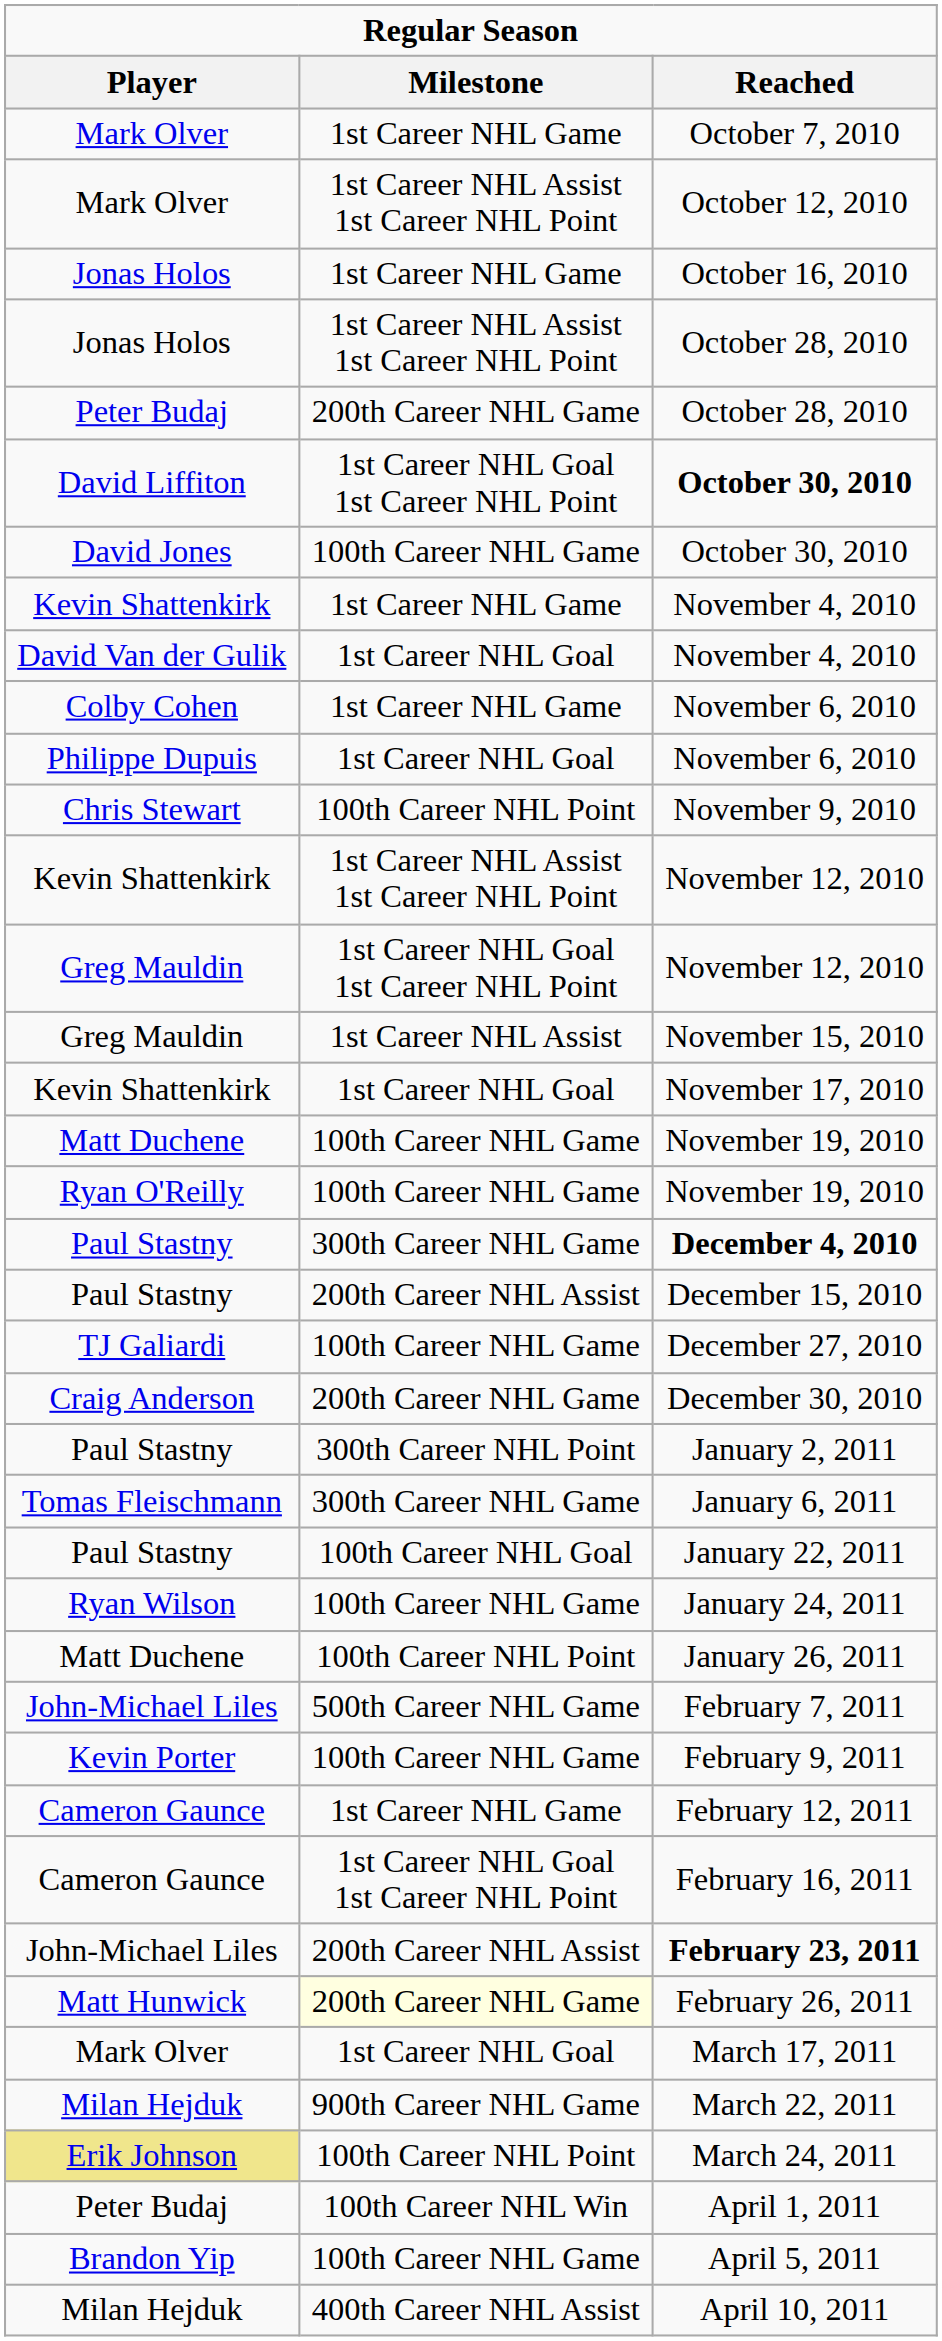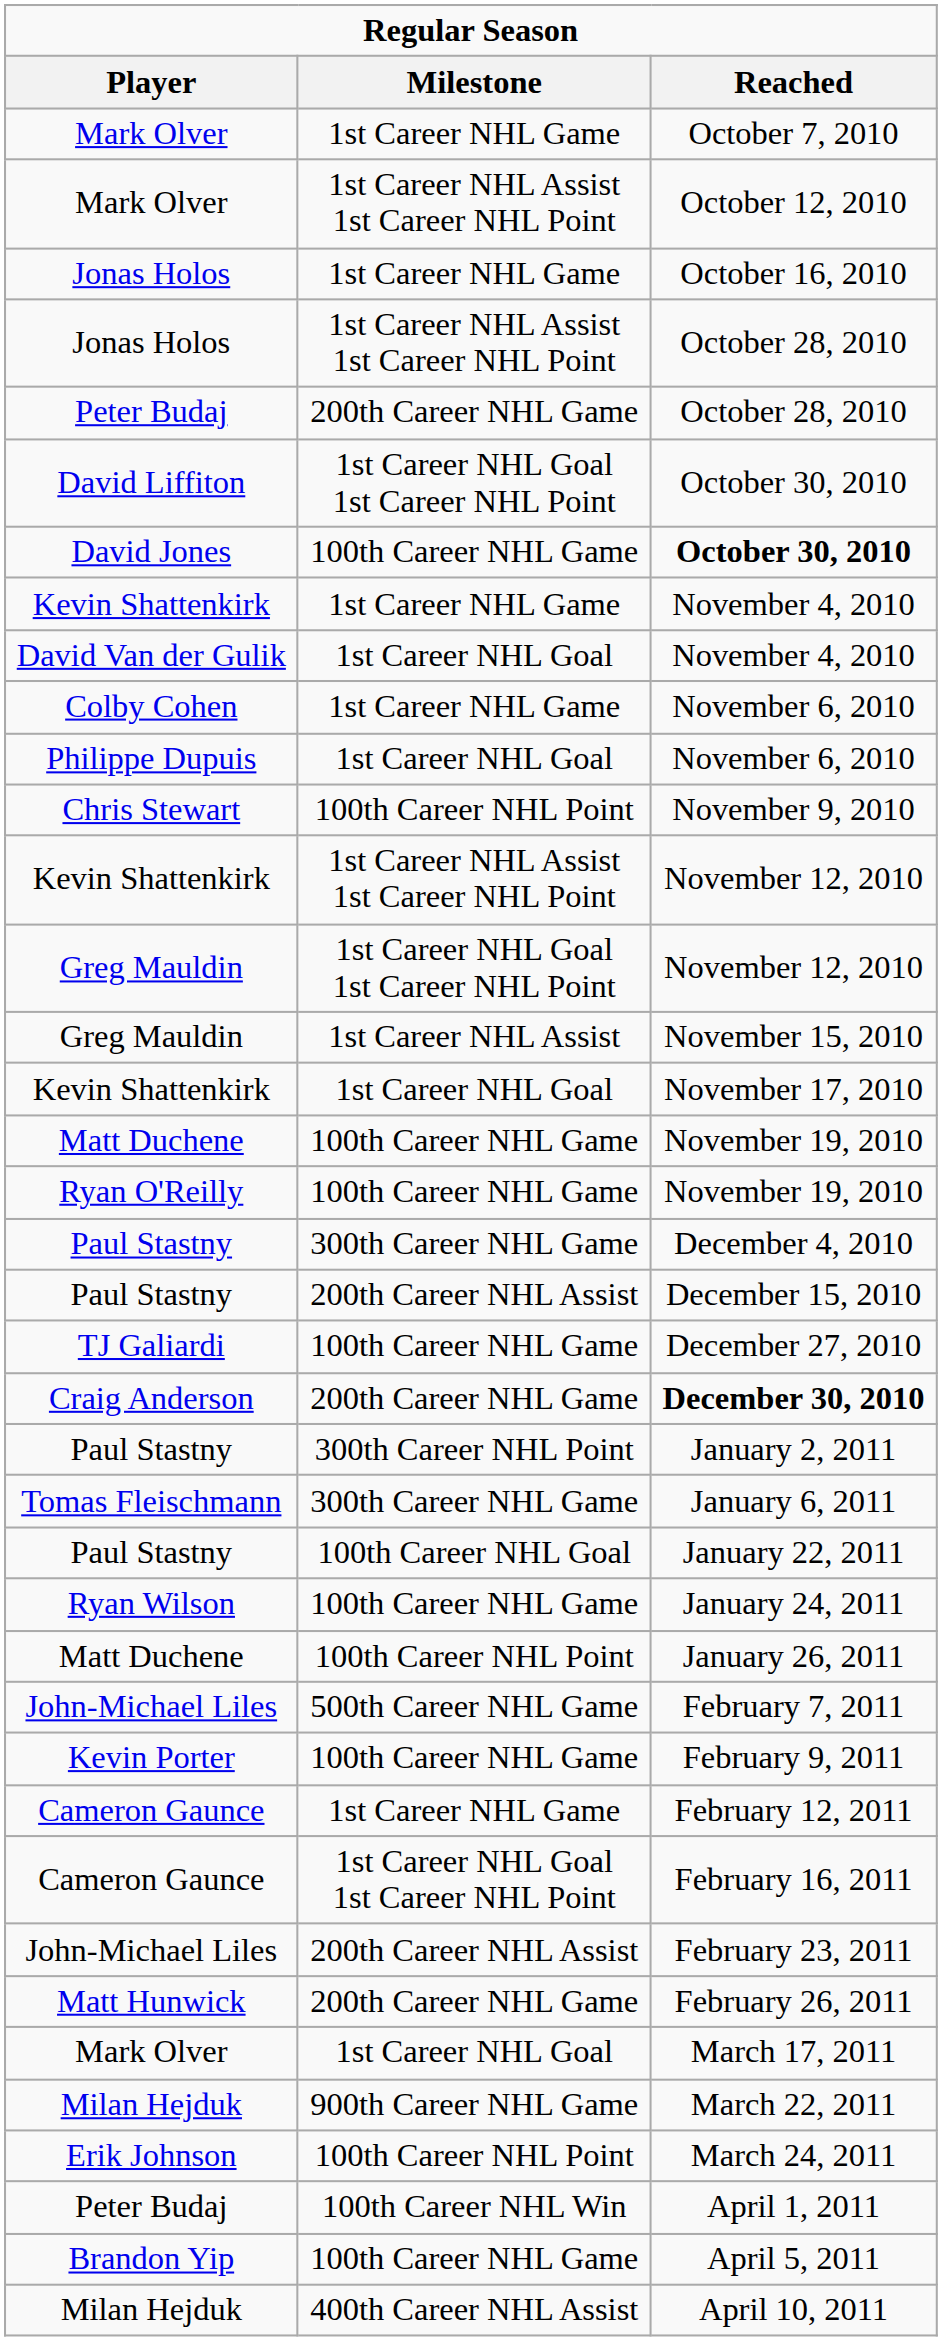 <table class="wikitable" width="52%" style="text-align:center">
 <tr>
 <td colspan="10" align="center"><strong>Regular Season</strong></td>
 </tr>
 <tr align="center" bgcolor="#dddddd">
 <th>Player</th>
 <th>Milestone</th>
 <th>Reached</th>
 </tr>
 <tr>
 <td><a href='#'>Mark Olver</a></td>
 <td>1st Career NHL Game</td>
 <td>October 7, 2010</td>
 </tr>
 <tr>
 <td>Mark Olver</td>
 <td>1st Career NHL Assist<br>1st Career NHL Point</td>
 <td>October 12, 2010</td>
 </tr>
 <tr>
 <td><a href='#'>Jonas Holos</a></td>
 <td>1st Career NHL Game</td>
 <td>October 16, 2010</td>
 </tr>
 <tr>
 <td>Jonas Holos</td>
 <td>1st Career NHL Assist<br>1st Career NHL Point</td>
 <td>October 28, 2010</td>
 </tr>
 <tr>
 <td><a href='#'>Peter Budaj</a></td>
 <td>200th Career NHL Game</td>
 <td>October 28, 2010</td>
 </tr>
 <tr>
 <td><a href='#'>David Liffiton</a></td>
 <td>1st Career NHL Goal<br>1st Career NHL Point</td>
-<td><strong>October 30, 2010</strong></td>
+<td>October 30, 2010</td>
 </tr>
 <tr>
 <td><a href='#'>David Jones</a></td>
 <td>100th Career NHL Game</td>
-<td>October 30, 2010</td>
+<td><strong>October 30, 2010</strong></td>
 </tr>
 <tr>
 <td><a href='#'>Kevin Shattenkirk</a></td>
 <td>1st Career NHL Game</td>
 <td>November 4, 2010</td>
 </tr>
 <tr>
 <td><a href='#'>David Van der Gulik</a></td>
 <td>1st Career NHL Goal</td>
 <td>November 4, 2010</td>
 </tr>
 <tr>
 <td><a href='#'>Colby Cohen</a></td>
 <td>1st Career NHL Game</td>
 <td>November 6, 2010</td>
 </tr>
 <tr>
 <td><a href='#'>Philippe Dupuis</a></td>
 <td>1st Career NHL Goal</td>
 <td>November 6, 2010</td>
 </tr>
 <tr>
 <td><a href='#'>Chris Stewart</a></td>
 <td>100th Career NHL Point</td>
 <td>November 9, 2010</td>
 </tr>
 <tr>
 <td>Kevin Shattenkirk</td>
 <td>1st Career NHL Assist<br>1st Career NHL Point</td>
 <td>November 12, 2010</td>
 </tr>
 <tr>
 <td><a href='#'>Greg Mauldin</a></td>
 <td>1st Career NHL Goal<br>1st Career NHL Point</td>
 <td>November 12, 2010</td>
 </tr>
 <tr>
 <td>Greg Mauldin</td>
 <td>1st Career NHL Assist</td>
 <td>November 15, 2010</td>
 </tr>
 <tr>
 <td>Kevin Shattenkirk</td>
 <td>1st Career NHL Goal</td>
 <td>November 17, 2010</td>
 </tr>
 <tr>
 <td><a href='#'>Matt Duchene</a></td>
 <td>100th Career NHL Game</td>
 <td>November 19, 2010</td>
 </tr>
 <tr>
 <td><a href='#'>Ryan O'Reilly</a></td>
 <td>100th Career NHL Game</td>
 <td>November 19, 2010</td>
 </tr>
 <tr>
 <td><a href='#'>Paul Stastny</a></td>
 <td>300th Career NHL Game</td>
-<td><strong>December 4, 2010</strong></td>
+<td>December 4, 2010</td>
 </tr>
 <tr>
 <td>Paul Stastny</td>
 <td>200th Career NHL Assist</td>
 <td>December 15, 2010</td>
 </tr>
 <tr>
 <td><a href='#'>TJ Galiardi</a></td>
 <td>100th Career NHL Game</td>
 <td>December 27, 2010</td>
 </tr>
 <tr>
 <td><a href='#'>Craig Anderson</a></td>
 <td>200th Career NHL Game</td>
-<td>December 30, 2010</td>
+<td><strong>December 30, 2010</strong></td>
 </tr>
 <tr>
 <td>Paul Stastny</td>
 <td>300th Career NHL Point</td>
 <td>January 2, 2011</td>
 </tr>
 <tr>
 <td><a href='#'>Tomas Fleischmann</a></td>
 <td>300th Career NHL Game</td>
 <td>January 6, 2011</td>
 </tr>
 <tr>
 <td>Paul Stastny</td>
 <td>100th Career NHL Goal</td>
 <td>January 22, 2011</td>
 </tr>
 <tr>
 <td><a href='#'>Ryan Wilson</a></td>
 <td>100th Career NHL Game</td>
 <td>January 24, 2011</td>
 </tr>
 <tr>
 <td>Matt Duchene</td>
 <td>100th Career NHL Point</td>
 <td>January 26, 2011</td>
 </tr>
 <tr>
 <td><a href='#'>John-Michael Liles</a></td>
 <td>500th Career NHL Game</td>
 <td>February 7, 2011</td>
 </tr>
 <tr>
 <td><a href='#'>Kevin Porter</a></td>
 <td>100th Career NHL Game</td>
 <td>February 9, 2011</td>
 </tr>
 <tr>
 <td><a href='#'>Cameron Gaunce</a></td>
 <td>1st Career NHL Game</td>
 <td>February 12, 2011</td>
 </tr>
 <tr>
 <td>Cameron Gaunce</td>
 <td>1st Career NHL Goal<br>1st Career NHL Point</td>
 <td>February 16, 2011</td>
 </tr>
 <tr>
 <td>John-Michael Liles</td>
 <td>200th Career NHL Assist</td>
-<td><strong>February 23, 2011</strong></td>
+<td>February 23, 2011</td>
 </tr>
 <tr>
 <td><a href='#'>Matt Hunwick</a></td>
-<td style="background: lightyellow;">200th Career NHL Game</td>
+<td>200th Career NHL Game</td>
 <td>February 26, 2011</td>
 </tr>
 <tr>
 <td>Mark Olver</td>
 <td>1st Career NHL Goal</td>
 <td>March 17, 2011</td>
 </tr>
 <tr>
 <td><a href='#'>Milan Hejduk</a></td>
 <td>900th Career NHL Game</td>
 <td>March 22, 2011</td>
 </tr>
 <tr>
-<td style="background: khaki;"><a href='#'>Erik Johnson</a></td>
+<td><a href='#'>Erik Johnson</a></td>
 <td>100th Career NHL Point</td>
 <td>March 24, 2011</td>
 </tr>
 <tr>
 <td>Peter Budaj</td>
 <td>100th Career NHL Win</td>
 <td>April 1, 2011</td>
 </tr>
 <tr>
 <td><a href='#'>Brandon Yip</a></td>
 <td>100th Career NHL Game</td>
 <td>April 5, 2011</td>
 </tr>
 <tr>
 <td>Milan Hejduk</td>
 <td>400th Career NHL Assist</td>
 <td>April 10, 2011</td>
 </tr>
 </table>
